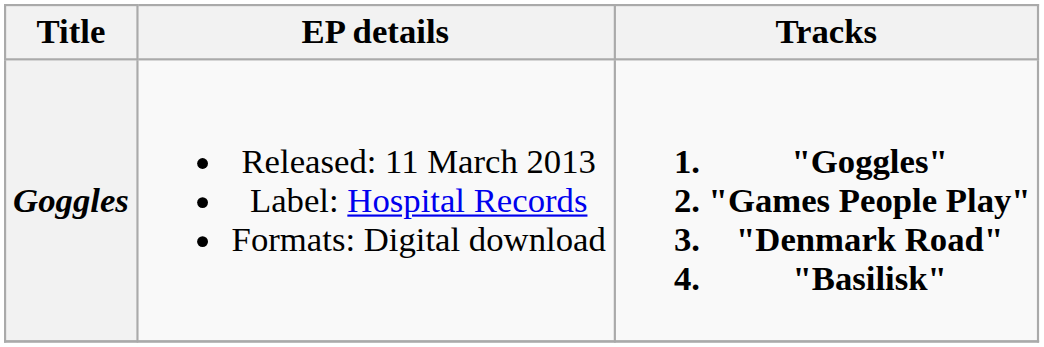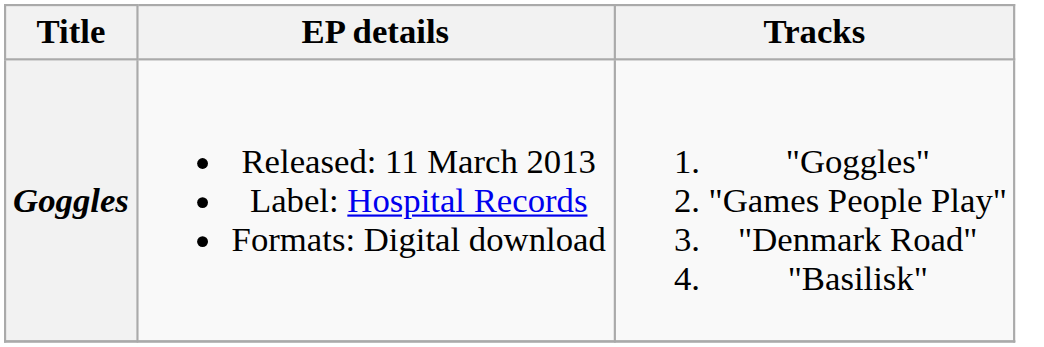 <table class="wikitable plainrowheaders" style="text-align:center;">
 <tr>
 <th scope="col">Title</th>
 <th scope="col">EP details</th>
 <th scope="col">Tracks</th>
 </tr>
 <tr>
 <th scope="row"><em>Goggles</em></th>
 <td valign="top"><br><ul><li>Released: 11 March 2013</li><li>Label: <a href='#'>Hospital Records</a></li><li>Formats: Digital download</li></ul></td>
-<td valign="top"><strong><br><ol><li>"Goggles"</li><li>"Games People Play"</li><li>"Denmark Road"</li><li>"Basilisk"</li></ol></strong></td>
+<td valign="top"><br><ol><li>"Goggles"</li><li>"Games People Play"</li><li>"Denmark Road"</li><li>"Basilisk"</li></ol></td>
 </tr>
 <tr>
 </tr>
 </table>
